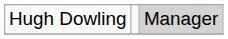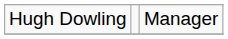 <table class="wikitable">
 <tr>
 </tr>
 <tr>
 <td>Hugh Dowling</td>
 <td></td>
-<td style="background: lightgrey;">Manager</td>
+<td>Manager</td>
 </tr>
 <tr>
 </tr>
 </table>
